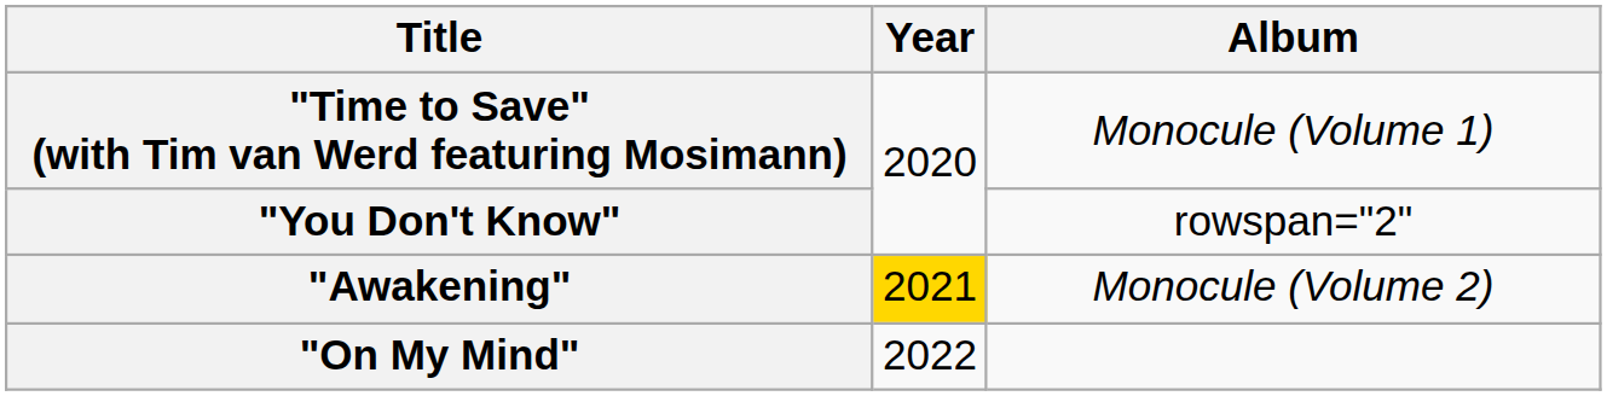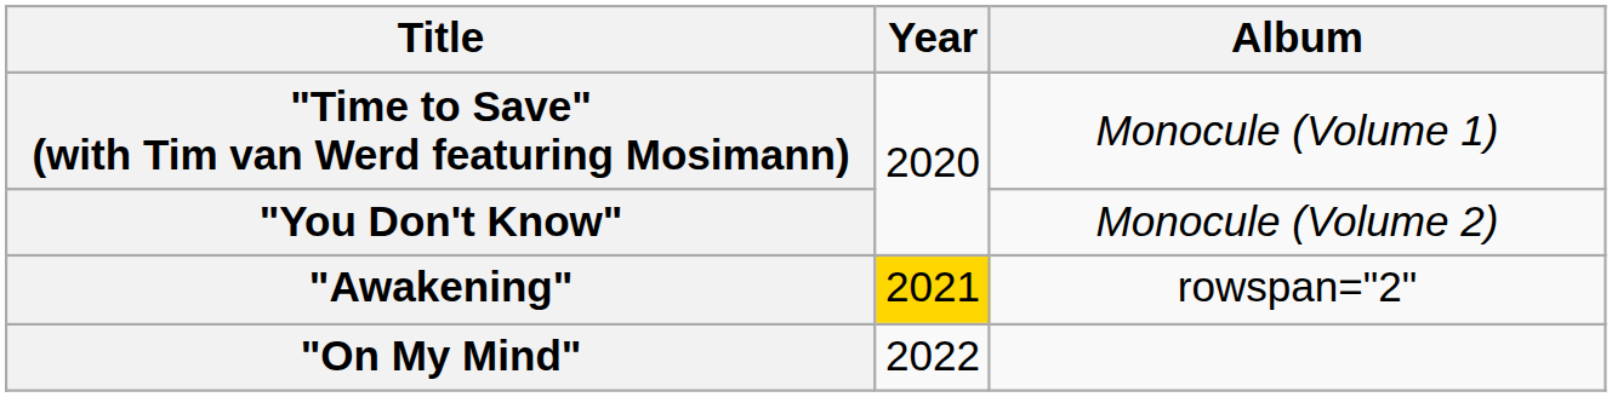 <table class="wikitable plainrowheaders" style="text-align:center;" border="1">
 <tr>
 <th scope="col" style="width:20em;">Title</th>
 <th scope="col" style="width:2em;">Year</th>
 <th scope="col" style="width:14em;">Album</th>
 </tr>
 <tr>
 <th scope="row">"Time to Save" <br><span>(with Tim van Werd featuring Mosimann)</span></th>
 <td rowspan="2">2020</td>
 <td><em>Monocule (Volume 1)</em></td>
 </tr>
 <tr>
 <th scope="row">"You Don't Know"</th>
-<td>rowspan="2" </td>
+<td><em>Monocule (Volume 2)</em></td>
 </tr>
 <tr>
 <th scope="row">"Awakening"</th>
 <td style="background: gold;">2021</td>
-<td><em>Monocule (Volume 2)</em></td>
+<td>rowspan="2" </td>
 </tr>
 <tr>
 <th scope="row">"On My Mind"</th>
 <td>2022</td>
 </tr>
 </table>
